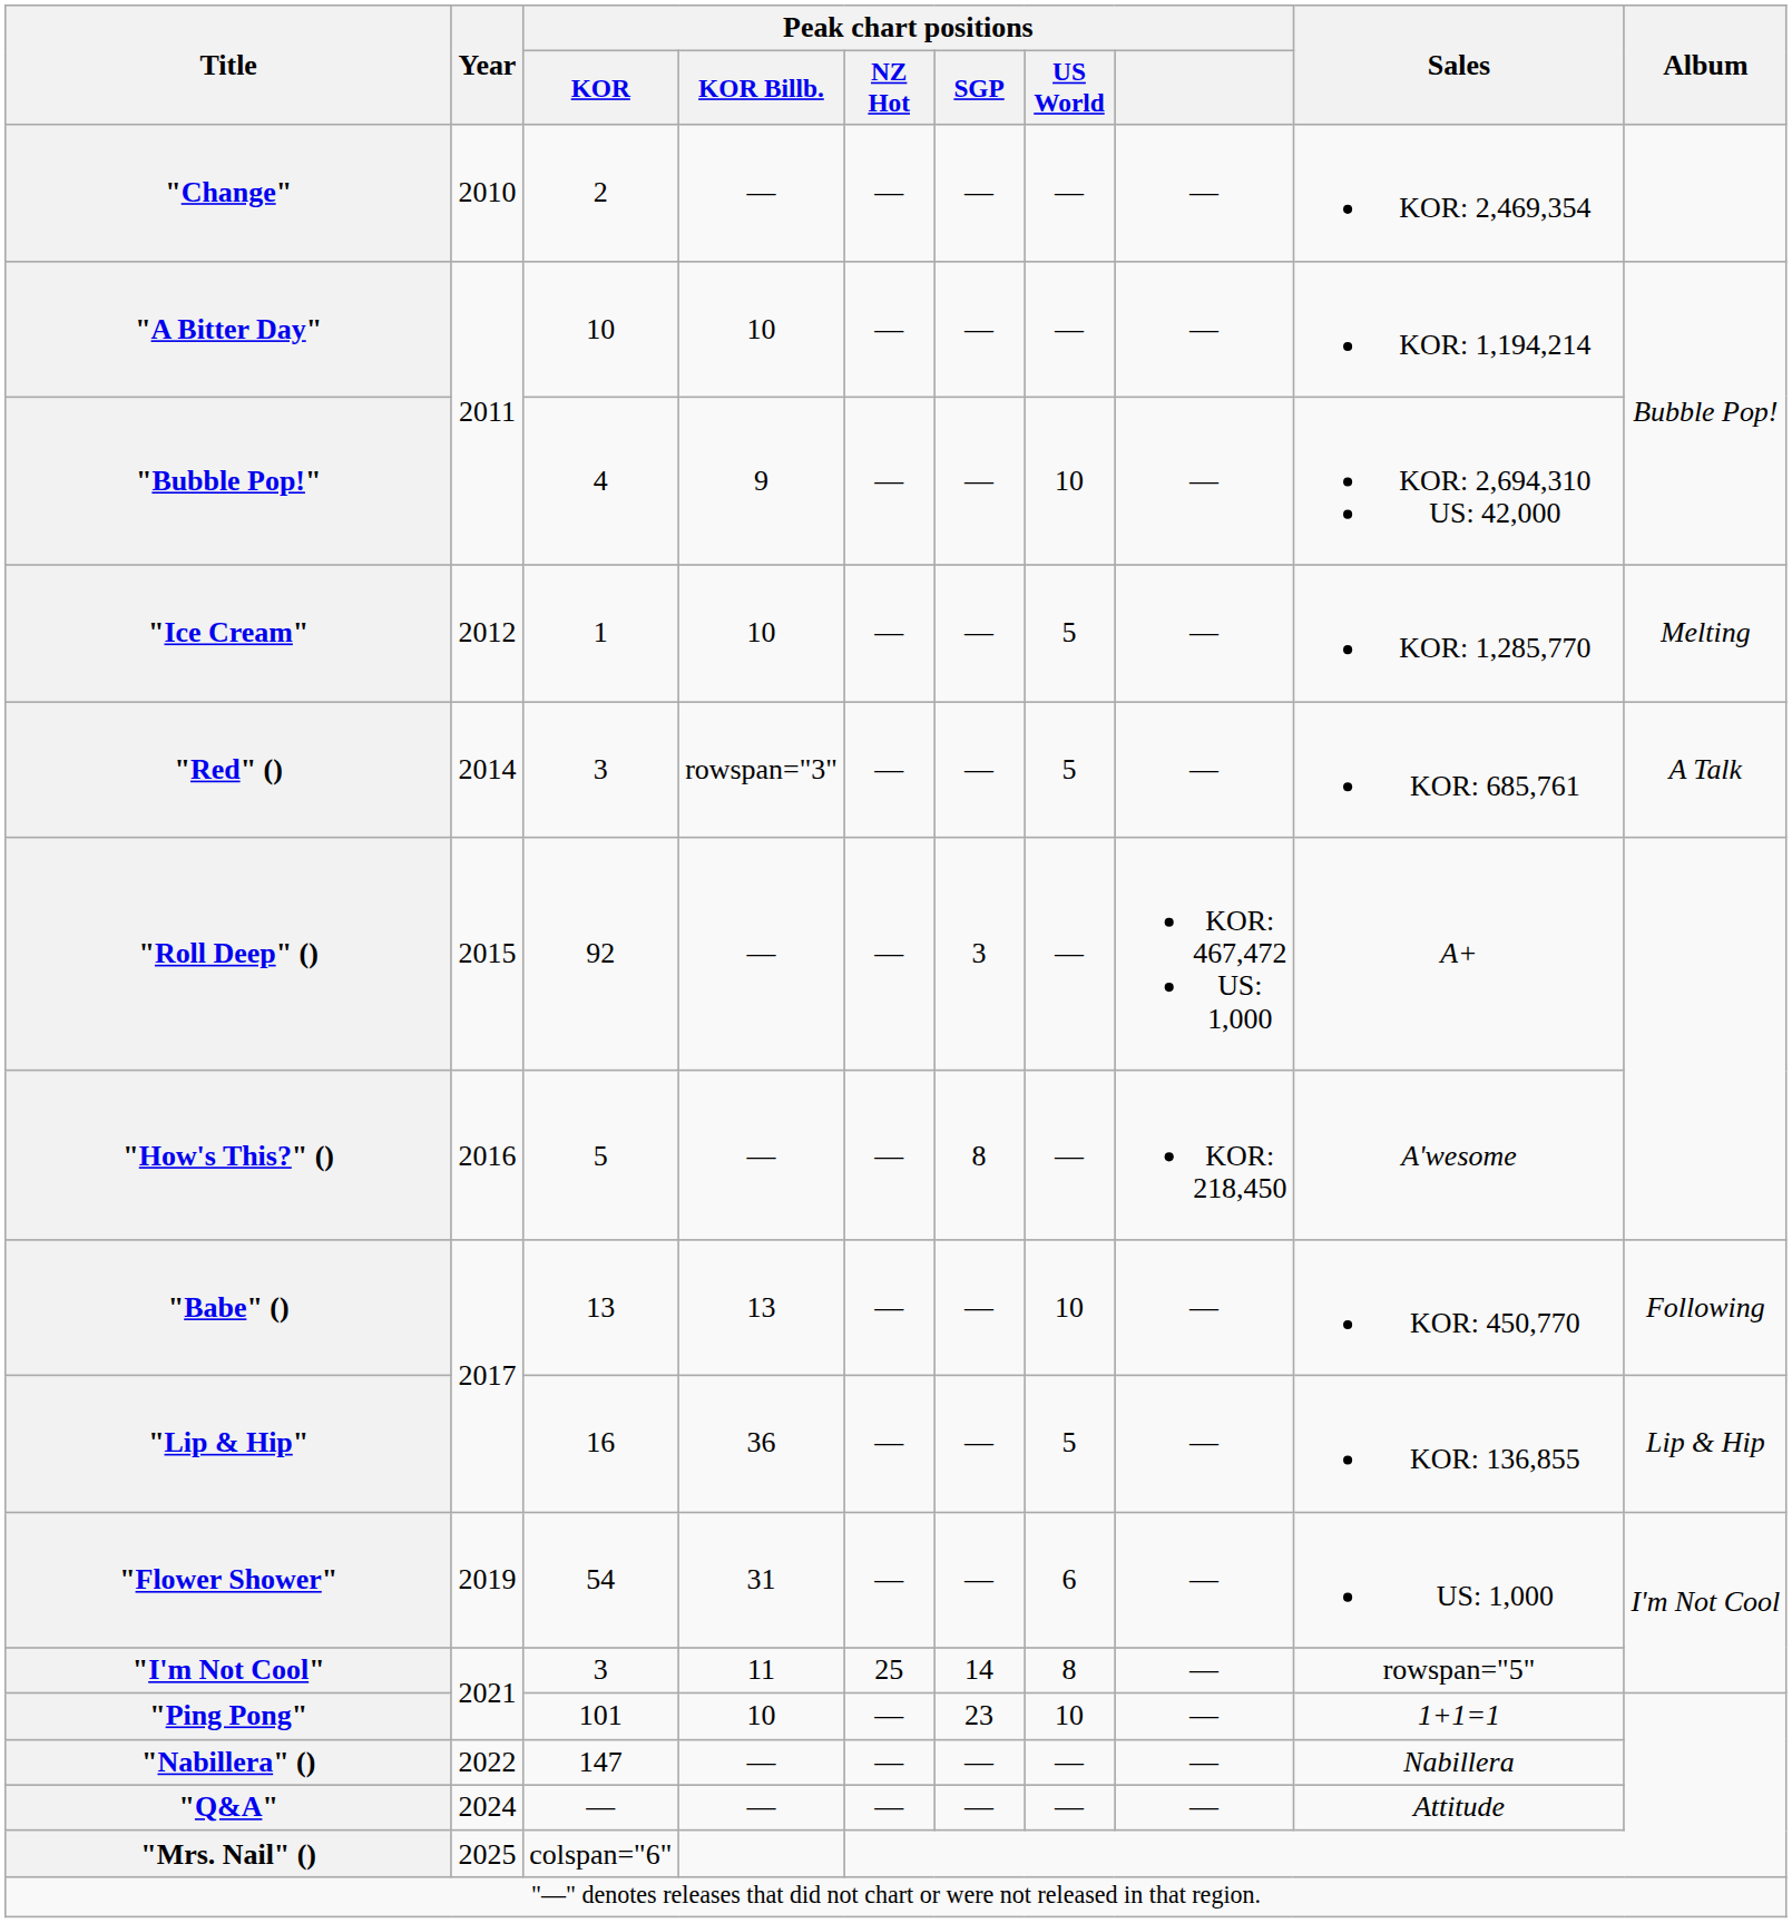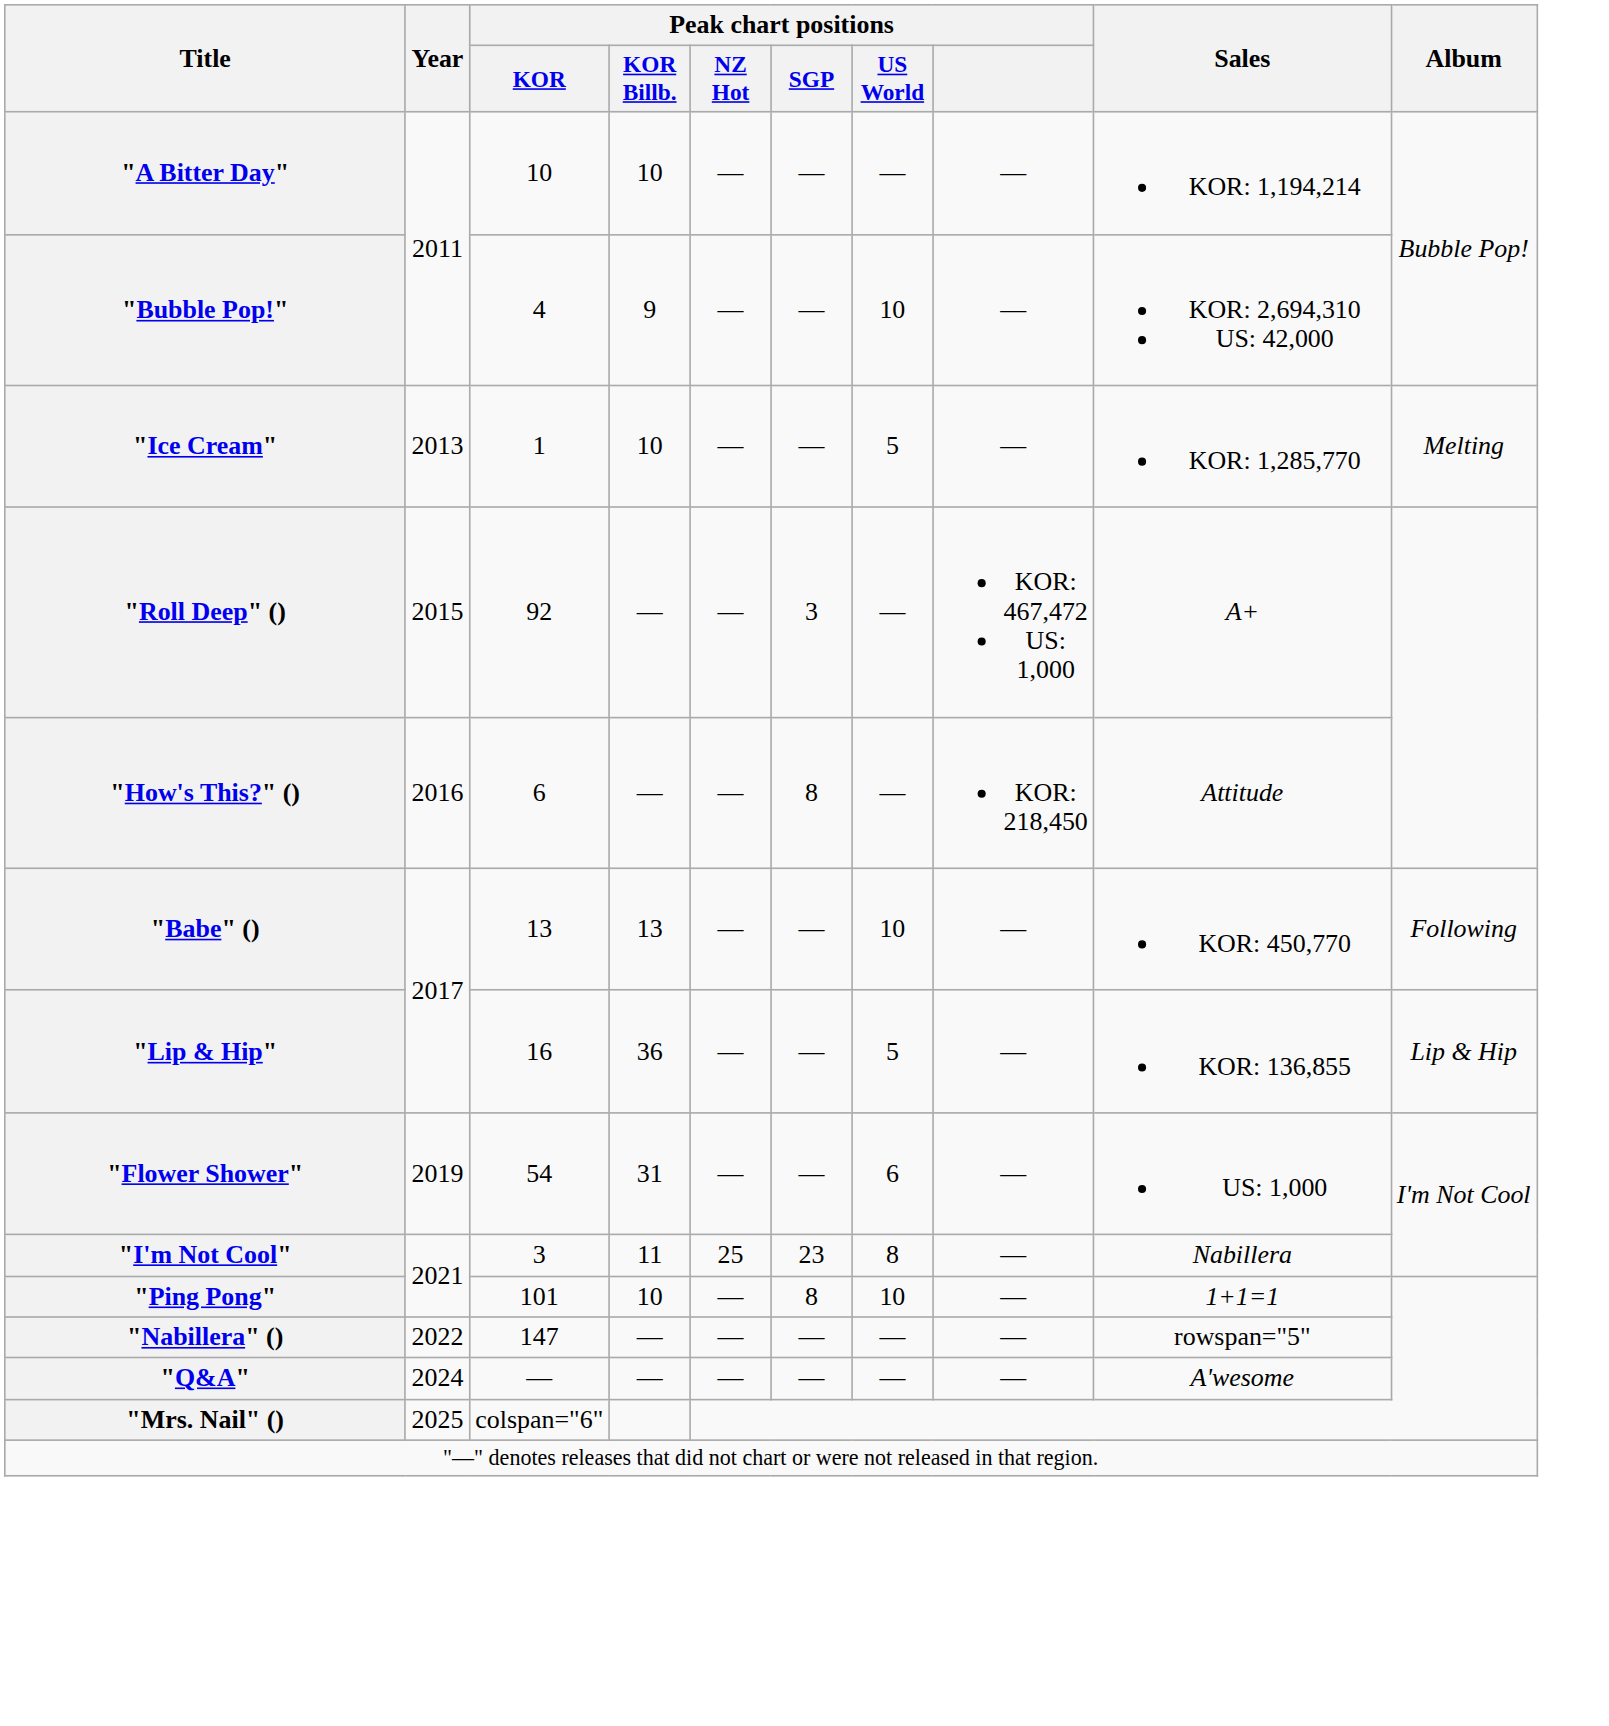 <table class="wikitable plainrowheaders" style="text-align:center;">
 <tr>
 <th rowspan="2" scope="col" style="width:15em;">Title</th>
 <th rowspan="2" scope="col">Year</th>
 <th scope="col" colspan="6">Peak chart positions</th>
 <th rowspan="2" scope="col" style="width:11em;">Sales<br></th>
 <th rowspan="2" scope="col">Album</th>
 </tr>
 <tr>
 <th scope="col" style="font-size:90%; width:3em"><a href='#'>KOR</a><br></th>
 <th scope="col" style="width:3em;font-size:90%;"><a href='#'>KOR Billb.</a><br></th>
 <th scope="col" style="width:3em;font-size:90%;"><a href='#'>NZ<br>Hot</a><br></th>
 <th scope="col" style="width:3em;font-size:90%;"><a href='#'>SGP</a><br></th>
 <th scope="col" style="width:3em;font-size:90%;"><a href='#'>US<br>World</a><br></th>
 <th scope="col" style="width:3em;font-size:90%;"><a href='#'></a><br></th>
-</tr>
-<tr>
-<th scope="row">"<a href='#'>Change</a>" </th>
-<td>2010</td>
-<td>2</td>
-<td>—</td>
-<td>—</td>
-<td>—</td>
-<td>—</td>
-<td>—</td>
-<td><br><ul><li>KOR: 2,469,354</li></ul></td>
-<td></td>
 </tr>
 <tr>
 <th scope="row">"<a href='#'>A Bitter Day</a>" <br> </th>
 <td rowspan="2">2011</td>
 <td>10</td>
 <td>10</td>
 <td>—</td>
 <td>—</td>
 <td>—</td>
 <td>—</td>
 <td><br><ul><li>KOR: 1,194,214</li></ul></td>
 <td rowspan="2"><em>Bubble Pop!</em></td>
 </tr>
 <tr>
 <th scope="row">"<a href='#'>Bubble Pop!</a>"</th>
 <td>4</td>
 <td>9</td>
 <td>—</td>
 <td>—</td>
 <td>10</td>
 <td>—</td>
 <td><br><ul><li>KOR: 2,694,310</li><li>US: 42,000</li></ul></td>
 </tr>
 <tr>
 <th scope="row">"<a href='#'>Ice Cream</a>"</th>
-<td>2012</td>
+<td>2013</td>
 <td>1</td>
 <td>10</td>
 <td>—</td>
 <td>—</td>
 <td>5</td>
 <td>—</td>
 <td><br><ul><li>KOR: 1,285,770</li></ul></td>
 <td><em>Melting</em></td>
-</tr>
-<tr>
-<th scope="row">"<a href='#'>Red</a>" ()</th>
-<td>2014</td>
-<td>3</td>
-<td>rowspan="3" </td>
-<td>—</td>
-<td>—</td>
-<td>5</td>
-<td>—</td>
-<td><br><ul><li>KOR: 685,761</li></ul></td>
-<td><em>A Talk</em></td>
 </tr>
 <tr>
 <th scope="row">"<a href='#'>Roll Deep</a>" ()<br></th>
 <td>2015</td>
 <td>92</td>
 <td>—</td>
 <td>—</td>
 <td>3</td>
 <td>—</td>
 <td><br><ul><li>KOR: 467,472</li><li>US: 1,000</li></ul></td>
 <td><em>A+</em></td>
 </tr>
 <tr>
 <th scope="row">"<a href='#'>How's This?</a>" ()</th>
 <td>2016</td>
-<td>5</td>
+<td>6</td>
 <td>—</td>
 <td>—</td>
 <td>8</td>
 <td>—</td>
 <td><br><ul><li>KOR: 218,450</li></ul></td>
-<td><em>A'wesome</em></td>
+<td><em>Attitude</em></td>
 </tr>
 <tr>
 <th scope="row">"<a href='#'>Babe</a>" ()</th>
 <td rowspan="2">2017</td>
 <td>13</td>
 <td>13</td>
 <td>—</td>
 <td>—</td>
 <td>10</td>
 <td>—</td>
 <td><br><ul><li>KOR: 450,770</li></ul></td>
 <td><em>Following</em></td>
 </tr>
 <tr>
 <th scope="row">"<a href='#'>Lip & Hip</a>"</th>
 <td>16</td>
 <td>36</td>
 <td>—</td>
 <td>—</td>
 <td>5</td>
 <td>—</td>
 <td><br><ul><li>KOR: 136,855</li></ul></td>
 <td><em>Lip & Hip</em> </td>
 </tr>
 <tr>
 <th scope="row">"<a href='#'>Flower Shower</a>"</th>
 <td>2019</td>
 <td>54</td>
 <td>31</td>
 <td>—</td>
 <td>—</td>
 <td>6</td>
 <td>—</td>
 <td><br><ul><li>US: 1,000</li></ul></td>
 <td rowspan="2"><em>I'm Not Cool</em></td>
 </tr>
 <tr>
 <th scope="row">"<a href='#'>I'm Not Cool</a>"</th>
 <td rowspan="2">2021</td>
 <td>3</td>
 <td>11</td>
 <td>25</td>
-<td>14</td>
+<td>23</td>
 <td>8</td>
 <td>—</td>
-<td>rowspan="5" </td>
+<td><em>Nabillera</em></td>
 </tr>
 <tr>
 <th scope="row">"<a href='#'>Ping Pong</a>" </th>
 <td>101</td>
 <td>10</td>
 <td>—</td>
-<td>23</td>
+<td>8</td>
 <td>10</td>
 <td>—</td>
 <td><em>1+1=1</em></td>
 </tr>
 <tr>
 <th scope="row">"<a href='#'>Nabillera</a>" ()</th>
 <td>2022</td>
 <td>147</td>
 <td>—</td>
 <td>—</td>
 <td>—</td>
 <td>—</td>
 <td>—</td>
-<td><em>Nabillera</em></td>
+<td>rowspan="5" </td>
 </tr>
 <tr>
 <th scope="row">"<a href='#'>Q&A</a>"</th>
 <td>2024</td>
 <td>—</td>
 <td>—</td>
 <td>—</td>
 <td>—</td>
 <td>—</td>
 <td>—</td>
-<td><em>Attitude</em></td>
+<td><em>A'wesome</em></td>
 </tr>
 <tr>
 <th scope="row">"Mrs. Nail" ()</th>
 <td>2025</td>
 <td>colspan="6" </td>
 <td></td>
 </tr>
 <tr>
 <td colspan="10" style="text-align:center; font-size:85%;">"—" denotes releases that did not chart or were not released in that region.</td>
 </tr>
 </table>
